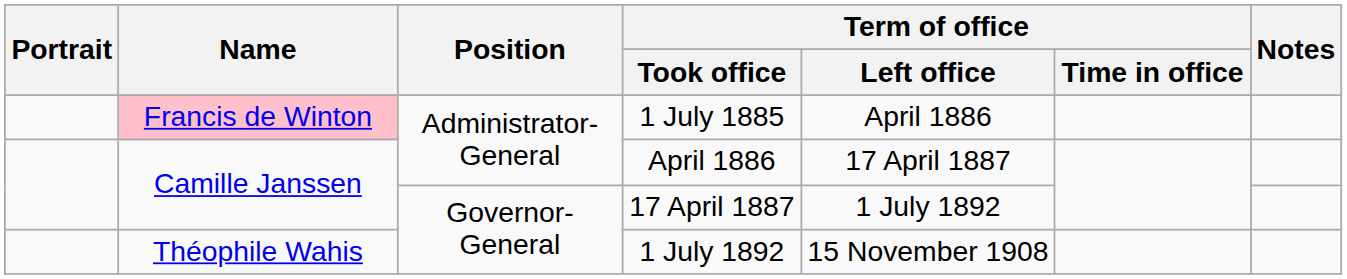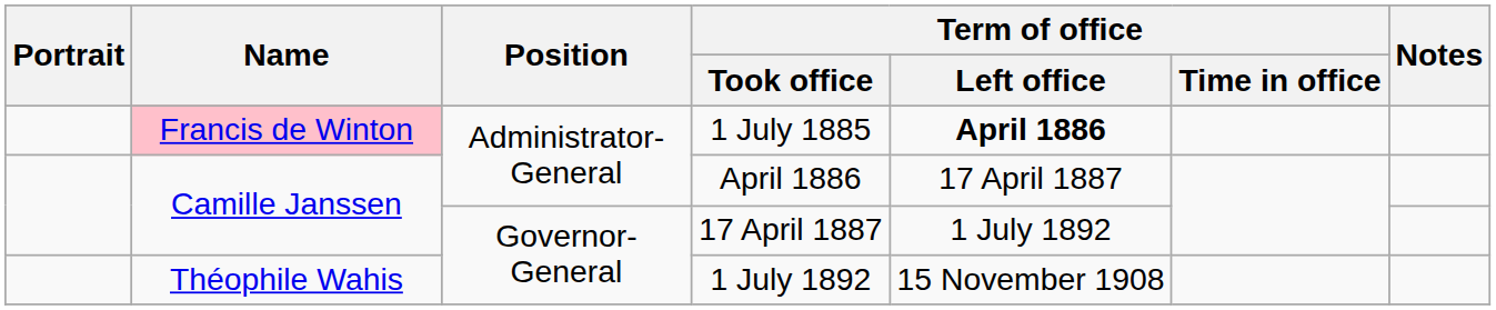 <table class="wikitable" style="text-align:center">
 <tr>
 <th rowspan=2>Portrait</th>
 <th width=150 rowspan=2>Name<br></th>
 <th width=120 rowspan=2>Position</th>
 <th colspan=3>Term of office</th>
 <th rowspan=2>Notes</th>
 </tr>
 <tr>
 <th>Took office</th>
 <th>Left office</th>
 <th>Time in office</th>
 </tr>
 <tr>
 <td></td>
 <td style="background: pink;"><a href='#'>Francis de Winton</a><br></td>
 <td rowspan=2>Administrator-General</td>
 <td>1 July 1885</td>
-<td>April 1886</td>
+<td><strong>April 1886</strong></td>
 <td></td>
 <td></td>
 </tr>
 <tr>
 <td rowspan=2></td>
 <td rowspan=2><a href='#'>Camille Janssen</a><br></td>
 <td>April 1886</td>
 <td>17 April 1887</td>
 <td rowspan=2></td>
 <td></td>
 </tr>
 <tr>
 <td rowspan=2>Governor-General</td>
 <td>17 April 1887</td>
 <td>1 July 1892</td>
 <td></td>
 </tr>
 <tr>
 <td></td>
 <td><a href='#'>Théophile Wahis</a><br></td>
 <td>1 July 1892</td>
 <td>15 November 1908</td>
 <td></td>
 <td></td>
 </tr>
 </table>
